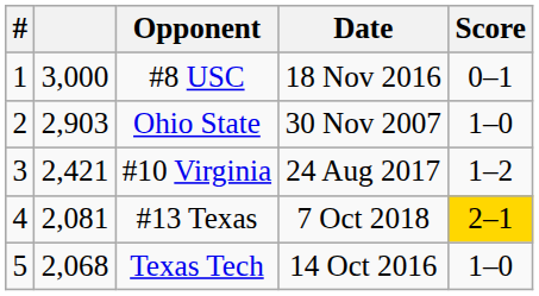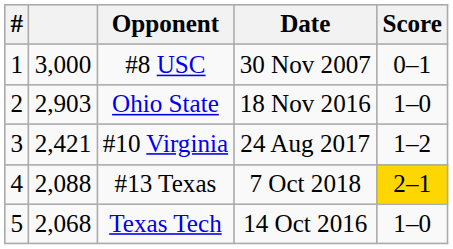 <table class="wikitable sortable"; style= "text-align:center">
 <tr>
 <th>#</th>
 <th></th>
 <th>Opponent</th>
 <th>Date</th>
 <th>Score</th>
 </tr>
 <tr>
 <td>1</td>
 <td>3,000</td>
 <td>#8 <a href='#'>USC</a></td>
-<td>18 Nov 2016</td>
+<td>30 Nov 2007</td>
 <td>0–1</td>
 </tr>
 <tr>
 <td>2</td>
 <td>2,903</td>
 <td><a href='#'>Ohio State</a></td>
-<td>30 Nov 2007</td>
+<td>18 Nov 2016</td>
 <td>1–0 </td>
 </tr>
 <tr>
 <td>3</td>
 <td>2,421</td>
 <td>#10 <a href='#'>Virginia</a></td>
 <td>24 Aug 2017</td>
 <td>1–2 </td>
 </tr>
 <tr>
 <td>4</td>
-<td>2,081</td>
+<td>2,088</td>
 <td>#13 Texas</td>
 <td>7 Oct 2018</td>
 <td style="background: gold;">2–1</td>
 </tr>
 <tr>
 <td>5</td>
 <td>2,068</td>
 <td><a href='#'>Texas Tech</a></td>
 <td>14 Oct 2016</td>
 <td>1–0</td>
 </tr>
 </table>
